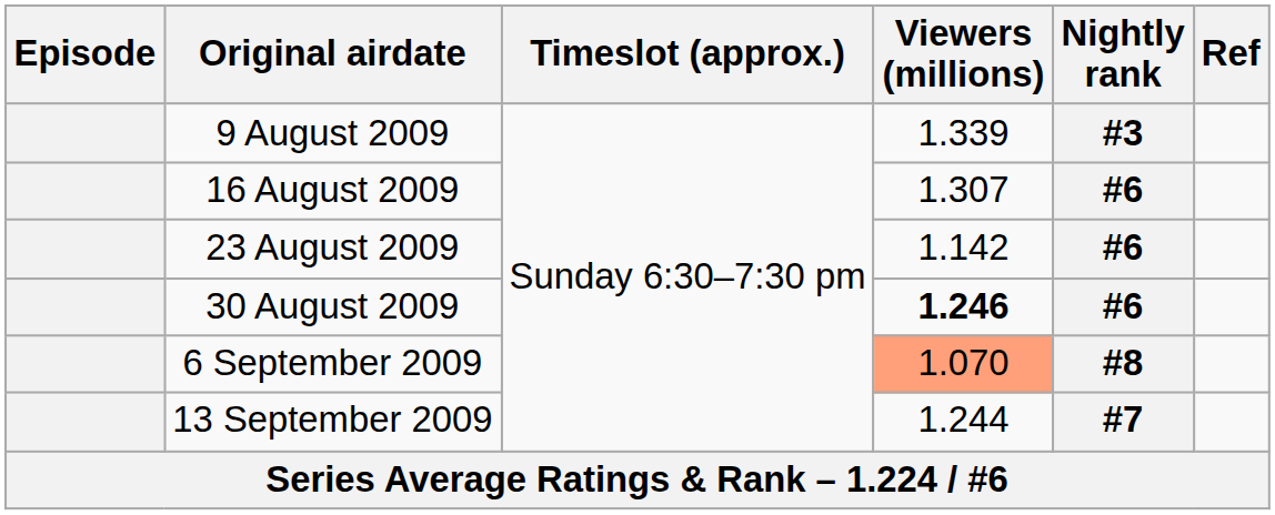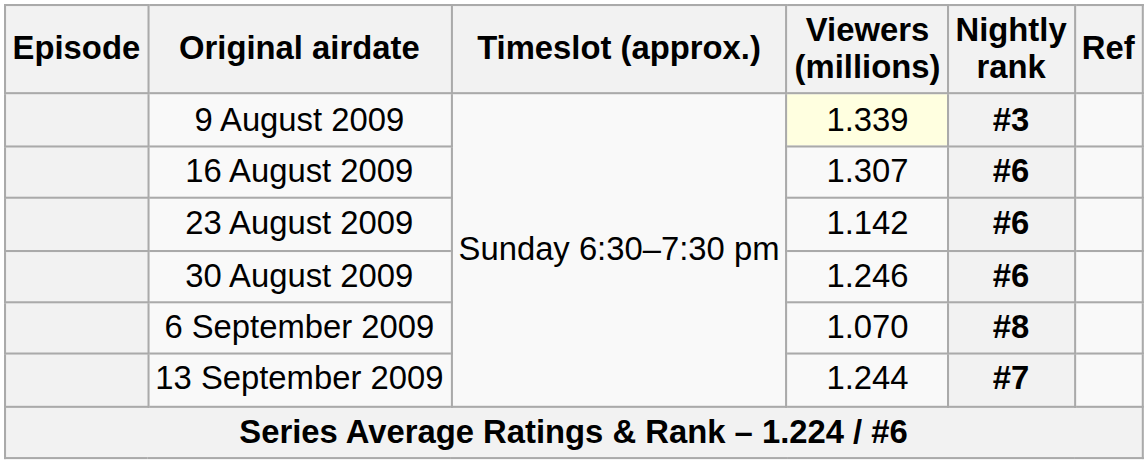 <table class="wikitable plainrowheaders" style="text-align:center;">
 <tr>
 <th scope="col">Episode</th>
 <th scope="col">Original airdate</th>
 <th scope="col">Timeslot (approx.)</th>
 <th scope="col">Viewers<br>(millions)</th>
 <th scope="col">Nightly<br>rank</th>
 <th scope="col">Ref</th>
 </tr>
 <tr>
 <th scope="row"></th>
 <td>9 August 2009</td>
 <td rowspan=6 align=centre>Sunday 6:30–7:30 pm</td>
-<td>1.339</td>
+<td style="background: lightyellow;">1.339</td>
 <th>#3</th>
 <td></td>
 </tr>
 <tr>
 <th scope="row"></th>
 <td>16 August 2009</td>
 <td>1.307</td>
 <th>#6</th>
 <td></td>
 </tr>
 <tr>
 <th scope="row"></th>
 <td>23 August 2009</td>
 <td>1.142</td>
 <th>#6</th>
 <td></td>
 </tr>
 <tr>
 <th scope="row"></th>
 <td>30 August 2009</td>
-<td><strong>1.246</strong></td>
+<td>1.246</td>
 <th>#6</th>
 <td></td>
 </tr>
 <tr>
 <th scope="row"></th>
 <td>6 September 2009</td>
-<td style="background: lightsalmon;">1.070</td>
+<td>1.070</td>
 <th>#8</th>
 <td></td>
 </tr>
 <tr>
 <th scope="row"></th>
 <td>13 September 2009</td>
 <td>1.244</td>
 <th>#7</th>
 <td></td>
 </tr>
 <tr>
 <th colspan="6">Series Average Ratings & Rank – 1.224 / #6</th>
 </tr>
 </table>
